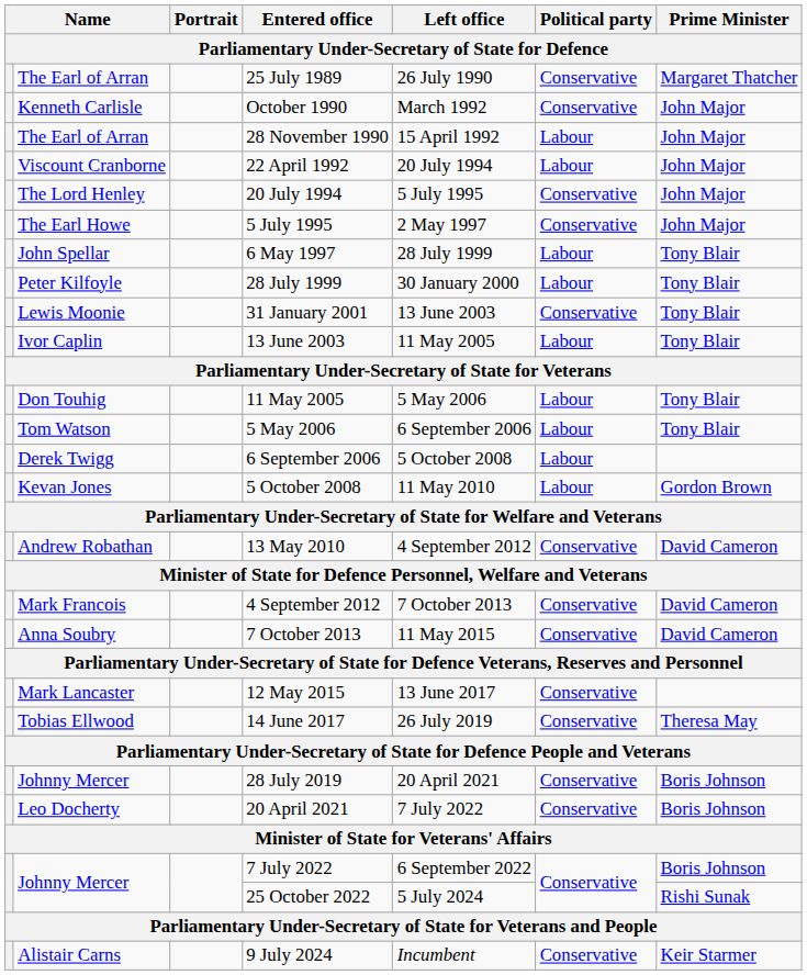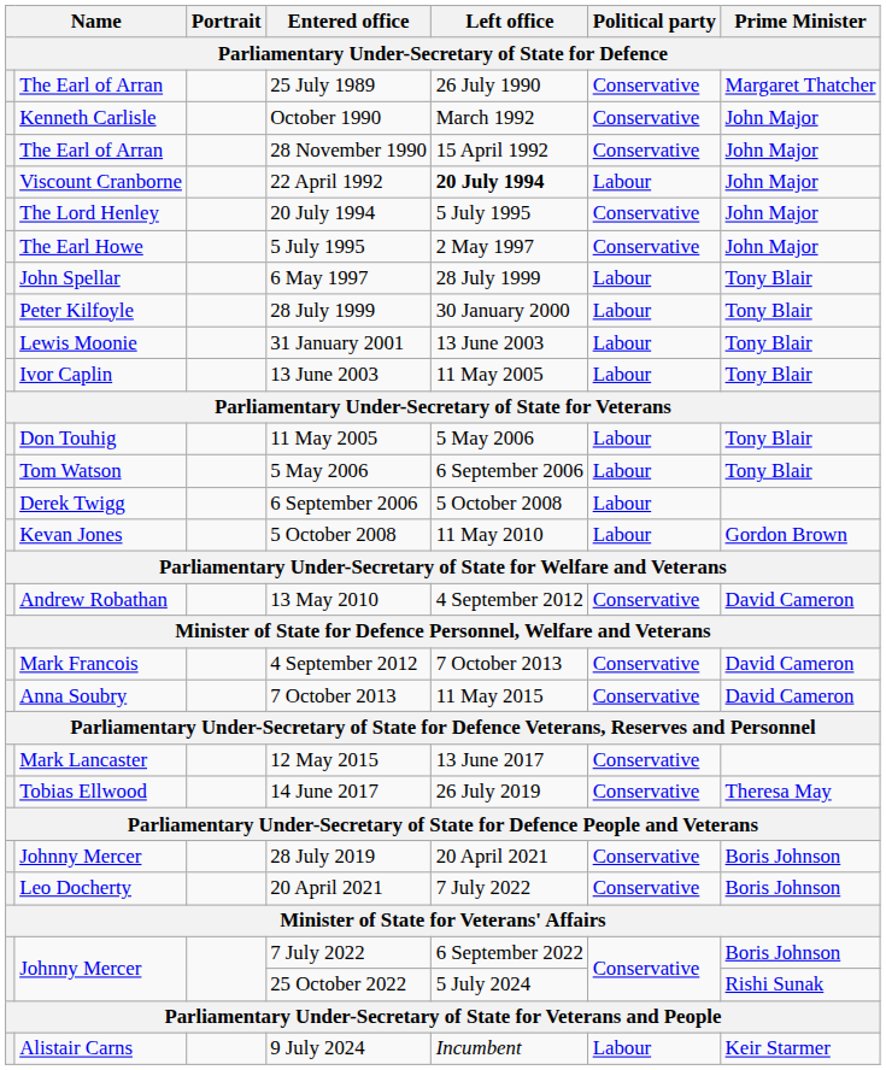 <table class="wikitable">
 <tr>
 <th colspan=2>Name</th>
 <th>Portrait</th>
 <th>Entered office</th>
 <th>Left office</th>
 <th>Political party</th>
 <th>Prime Minister</th>
 </tr>
 <tr>
 <th colspan="8">Parliamentary Under-Secretary of State for Defence</th>
 </tr>
 <tr>
 <th style="background-color: "></th>
 <td><a href='#'>The Earl of Arran</a></td>
 <td></td>
 <td>25 July 1989</td>
 <td>26 July 1990</td>
 <td><a href='#'>Conservative</a></td>
 <td><a href='#'>Margaret Thatcher</a></td>
 </tr>
 <tr>
 <th style="background-color: "></th>
 <td><a href='#'>Kenneth Carlisle</a></td>
 <td></td>
 <td>October 1990</td>
 <td>March 1992</td>
 <td><a href='#'>Conservative</a></td>
 <td><a href='#'>John Major</a></td>
 </tr>
 <tr>
 <th style="background-color: "></th>
 <td><a href='#'>The Earl of Arran</a></td>
 <td></td>
 <td>28 November 1990</td>
 <td>15 April 1992</td>
-<td><a href='#'>Labour</a></td>
+<td><a href='#'>Conservative</a></td>
 <td><a href='#'>John Major</a></td>
 </tr>
 <tr>
 <th style="background-color: "></th>
 <td><a href='#'>Viscount Cranborne</a></td>
 <td></td>
 <td>22 April 1992</td>
-<td>20 July 1994</td>
+<td><strong>20 July 1994</strong></td>
 <td><a href='#'>Labour</a></td>
 <td><a href='#'>John Major</a></td>
 </tr>
 <tr>
 <th style="background-color: "></th>
 <td><a href='#'>The Lord Henley</a></td>
 <td></td>
 <td>20 July 1994</td>
 <td>5 July 1995</td>
 <td><a href='#'>Conservative</a></td>
 <td><a href='#'>John Major</a></td>
 </tr>
 <tr>
 <th style="background-color: "></th>
 <td><a href='#'>The Earl Howe</a></td>
 <td></td>
 <td>5 July 1995</td>
 <td>2 May 1997</td>
 <td><a href='#'>Conservative</a></td>
 <td><a href='#'>John Major</a></td>
 </tr>
 <tr>
 <th style="background-color: "></th>
 <td><a href='#'>John Spellar</a></td>
 <td></td>
 <td>6 May 1997</td>
 <td>28 July 1999</td>
 <td><a href='#'>Labour</a></td>
 <td><a href='#'>Tony Blair</a></td>
 </tr>
 <tr>
 <th style="background-color: "></th>
 <td><a href='#'>Peter Kilfoyle</a></td>
 <td></td>
 <td>28 July 1999</td>
 <td>30 January 2000</td>
 <td><a href='#'>Labour</a></td>
 <td><a href='#'>Tony Blair</a></td>
 </tr>
 <tr>
 <th style="background-color: "></th>
 <td><a href='#'>Lewis Moonie</a></td>
 <td></td>
 <td>31 January 2001</td>
 <td>13 June 2003</td>
-<td><a href='#'>Conservative</a></td>
+<td><a href='#'>Labour</a></td>
 <td><a href='#'>Tony Blair</a></td>
 </tr>
 <tr>
 <th style="background-color: "></th>
 <td><a href='#'>Ivor Caplin</a></td>
 <td></td>
 <td>13 June 2003</td>
 <td>11 May 2005</td>
 <td><a href='#'>Labour</a></td>
 <td><a href='#'>Tony Blair</a></td>
 </tr>
 <tr>
 <th colspan="8">Parliamentary Under-Secretary of State for Veterans</th>
 </tr>
 <tr>
 <th style="background-color: "></th>
 <td><a href='#'>Don Touhig</a></td>
 <td></td>
 <td>11 May 2005</td>
 <td>5 May 2006</td>
 <td><a href='#'>Labour</a></td>
 <td><a href='#'>Tony Blair</a></td>
 </tr>
 <tr>
 <th style="background-color: "></th>
 <td><a href='#'>Tom Watson</a></td>
 <td></td>
 <td>5 May 2006</td>
 <td>6 September 2006</td>
 <td><a href='#'>Labour</a></td>
 <td><a href='#'>Tony Blair</a></td>
 </tr>
 <tr>
 <th style="background-color: "></th>
 <td><a href='#'>Derek Twigg</a></td>
 <td></td>
 <td>6 September 2006</td>
 <td>5 October 2008</td>
 <td><a href='#'>Labour</a></td>
 <td></td>
 </tr>
 <tr>
 <th style="background-color: "></th>
 <td><a href='#'>Kevan Jones</a></td>
 <td></td>
 <td>5 October 2008</td>
 <td>11 May 2010</td>
 <td><a href='#'>Labour</a></td>
 <td><a href='#'>Gordon Brown</a></td>
 </tr>
 <tr>
 <th colspan="8">Parliamentary Under-Secretary of State for Welfare and Veterans</th>
 </tr>
 <tr>
 <th style="background-color: "></th>
 <td><a href='#'>Andrew Robathan</a></td>
 <td></td>
 <td>13 May 2010</td>
 <td>4 September 2012</td>
 <td><a href='#'>Conservative</a></td>
 <td><a href='#'>David Cameron</a></td>
 </tr>
 <tr>
 <th colspan="8">Minister of State for Defence Personnel, Welfare and Veterans</th>
 </tr>
 <tr>
 <th style="background-color: "></th>
 <td><a href='#'>Mark Francois</a></td>
 <td></td>
 <td>4 September 2012</td>
 <td>7 October 2013</td>
 <td><a href='#'>Conservative</a></td>
 <td><a href='#'>David Cameron</a></td>
 </tr>
 <tr>
 <th style="background-color: "></th>
 <td><a href='#'>Anna Soubry</a></td>
 <td></td>
 <td>7 October 2013</td>
 <td>11 May 2015</td>
 <td><a href='#'>Conservative</a></td>
 <td><a href='#'>David Cameron</a></td>
 </tr>
 <tr>
 <th colspan="8">Parliamentary Under-Secretary of State for Defence Veterans, Reserves and Personnel</th>
 </tr>
 <tr>
 <th style="background-color: "></th>
 <td><a href='#'>Mark Lancaster</a></td>
 <td></td>
 <td>12 May 2015</td>
 <td>13 June 2017</td>
 <td><a href='#'>Conservative</a></td>
 <td></td>
 </tr>
 <tr>
 <th style="background-color: "></th>
 <td><a href='#'>Tobias Ellwood</a></td>
 <td></td>
 <td>14 June 2017</td>
 <td>26 July 2019</td>
 <td><a href='#'>Conservative</a></td>
 <td><a href='#'>Theresa May</a></td>
 </tr>
 <tr>
 <th colspan="8">Parliamentary Under-Secretary of State for Defence People and Veterans</th>
 </tr>
 <tr>
 <th style="background-color: "></th>
 <td><a href='#'>Johnny Mercer</a></td>
 <td></td>
 <td>28 July 2019</td>
 <td>20 April 2021</td>
 <td><a href='#'>Conservative</a></td>
 <td><a href='#'>Boris Johnson</a></td>
 </tr>
 <tr>
 <th style="background-color: "></th>
 <td><a href='#'>Leo Docherty</a></td>
 <td></td>
 <td>20 April 2021</td>
 <td>7 July 2022</td>
 <td><a href='#'>Conservative</a></td>
 <td><a href='#'>Boris Johnson</a></td>
 </tr>
 <tr>
 <th colspan="8">Minister of State for Veterans' Affairs</th>
 </tr>
 <tr>
 <th rowspan=2 style="background-color: "></th>
 <td rowspan=2><a href='#'>Johnny Mercer</a></td>
 <td rowspan=2></td>
 <td>7 July 2022</td>
 <td>6 September 2022</td>
 <td rowspan=2><a href='#'>Conservative</a></td>
 <td><a href='#'>Boris Johnson</a></td>
 </tr>
 <tr>
 <td>25 October 2022</td>
 <td>5 July 2024</td>
 <td><a href='#'>Rishi Sunak</a></td>
 </tr>
 <tr>
 <th colspan="8">Parliamentary Under-Secretary of State for Veterans and People</th>
 </tr>
 <tr>
 <th rowspan=2 style="background-color: "></th>
 <td><a href='#'>Alistair Carns</a></td>
 <td></td>
 <td>9 July 2024</td>
 <td><em>Incumbent</em></td>
-<td><a href='#'>Conservative</a></td>
+<td><a href='#'>Labour</a></td>
 <td><a href='#'>Keir Starmer</a></td>
 </tr>
 </table>
